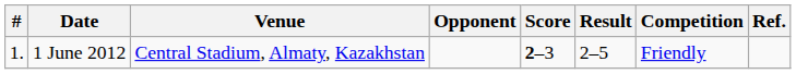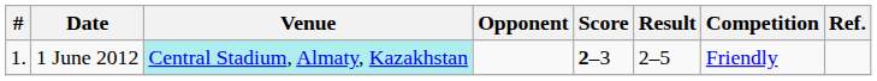 <table class="wikitable" style="font-size:95%;">
 <tr>
 <th>#</th>
 <th>Date</th>
 <th>Venue</th>
 <th>Opponent</th>
 <th>Score</th>
 <th>Result</th>
 <th>Competition</th>
 <th>Ref.</th>
 </tr>
 <tr>
 <td>1.</td>
 <td>1 June 2012</td>
-<td><a href='#'>Central Stadium</a>, <a href='#'>Almaty</a>, <a href='#'>Kazakhstan</a></td>
+<td style="background: paleturquoise;"><a href='#'>Central Stadium</a>, <a href='#'>Almaty</a>, <a href='#'>Kazakhstan</a></td>
 <td></td>
 <td><strong>2</strong>–3</td>
 <td>2–5</td>
 <td><a href='#'>Friendly</a></td>
 <td></td>
 </tr>
 <tr>
 </tr>
 </table>
